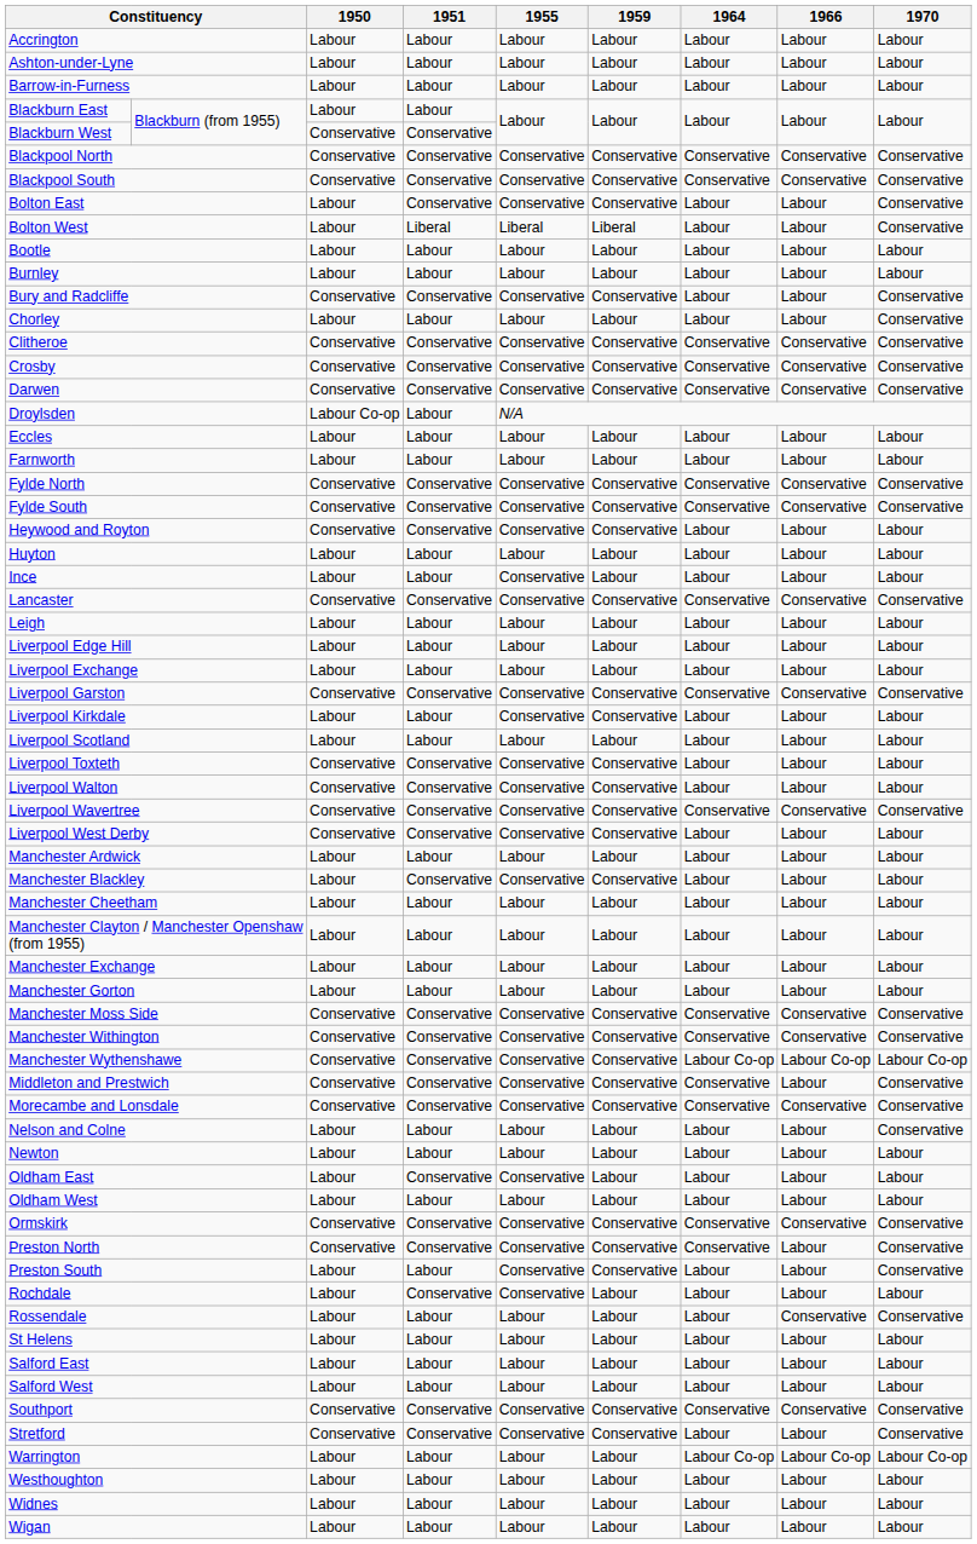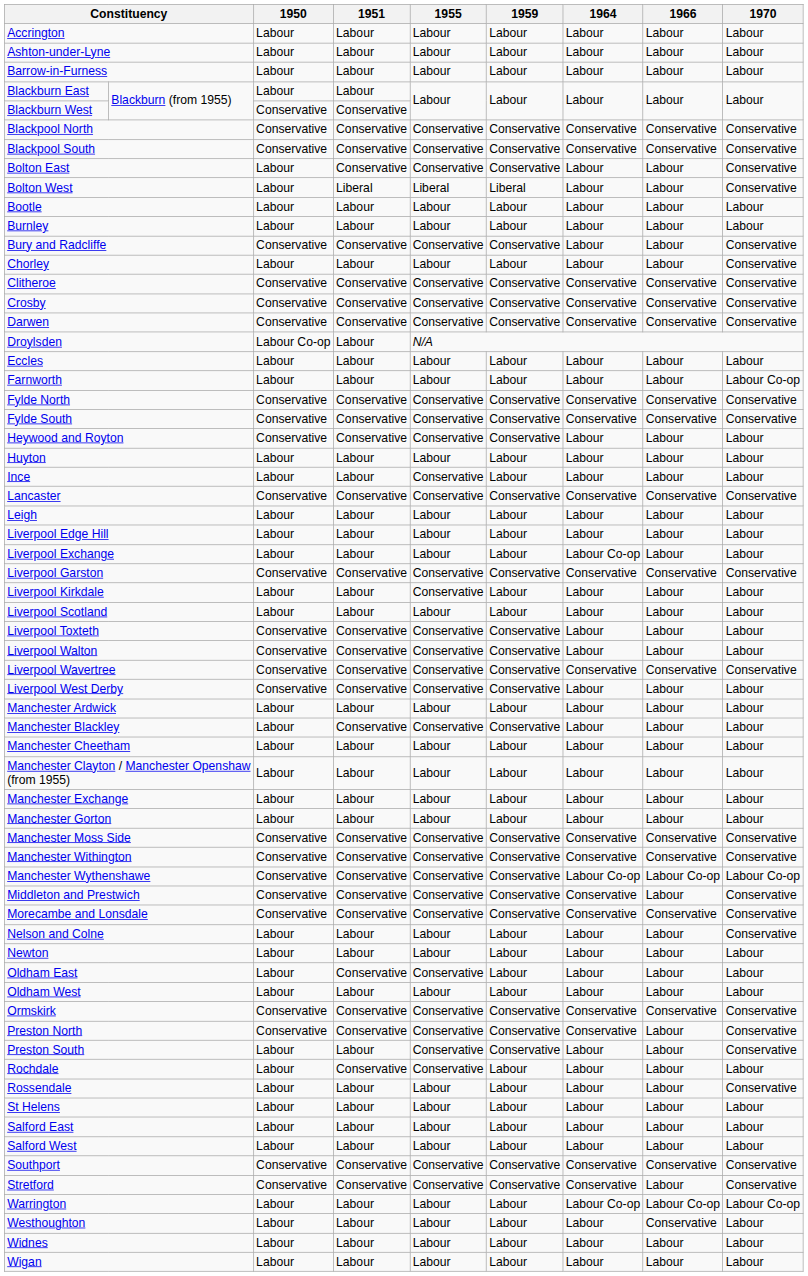 <table class="wikitable sortable">
 <tr>
 <th colspan="2">Constituency</th>
 <th>1950</th>
 <th>1951</th>
 <th>1955</th>
 <th>1959</th>
 <th>1964</th>
 <th>1966</th>
 <th>1970</th>
 </tr>
 <tr>
 <td colspan="2"><a href='#'>Accrington</a></td>
 <td bgcolor=>Labour</td>
 <td bgcolor=>Labour</td>
 <td bgcolor=>Labour</td>
 <td bgcolor=>Labour</td>
 <td bgcolor=>Labour</td>
 <td bgcolor=>Labour</td>
 <td bgcolor=>Labour</td>
 </tr>
 <tr>
 <td colspan="2"><a href='#'>Ashton-under-Lyne</a></td>
 <td bgcolor=>Labour</td>
 <td bgcolor=>Labour</td>
 <td bgcolor=>Labour</td>
 <td bgcolor=>Labour</td>
 <td bgcolor=>Labour</td>
 <td bgcolor=>Labour</td>
 <td bgcolor=>Labour</td>
 </tr>
 <tr>
 <td colspan="2"><a href='#'>Barrow-in-Furness</a></td>
 <td bgcolor=>Labour</td>
 <td bgcolor=>Labour</td>
 <td bgcolor=>Labour</td>
 <td bgcolor=>Labour</td>
 <td bgcolor=>Labour</td>
 <td bgcolor=>Labour</td>
 <td bgcolor=>Labour</td>
 </tr>
 <tr>
 <td><a href='#'>Blackburn East</a></td>
 <td rowspan="2"><a href='#'>Blackburn</a> (from 1955)</td>
 <td bgcolor=>Labour</td>
 <td bgcolor=>Labour</td>
 <td rowspan="2" bgcolor=>Labour</td>
 <td rowspan="2">Labour</td>
 <td rowspan="2">Labour</td>
 <td rowspan="2">Labour</td>
 <td rowspan="2">Labour</td>
 </tr>
 <tr>
 <td><a href='#'>Blackburn West</a></td>
 <td bgcolor=>Conservative</td>
 <td bgcolor=>Conservative</td>
 </tr>
 <tr>
 <td colspan="2"><a href='#'>Blackpool North</a></td>
 <td bgcolor=>Conservative</td>
 <td bgcolor=>Conservative</td>
 <td bgcolor=>Conservative</td>
 <td bgcolor=>Conservative</td>
 <td bgcolor=>Conservative</td>
 <td bgcolor=>Conservative</td>
 <td bgcolor=>Conservative</td>
 </tr>
 <tr>
 <td colspan="2"><a href='#'>Blackpool South</a></td>
 <td bgcolor=>Conservative</td>
 <td bgcolor=>Conservative</td>
 <td bgcolor=>Conservative</td>
 <td bgcolor=>Conservative</td>
 <td bgcolor=>Conservative</td>
 <td bgcolor=>Conservative</td>
 <td bgcolor=>Conservative</td>
 </tr>
 <tr>
 <td colspan="2"><a href='#'>Bolton East</a></td>
 <td bgcolor=>Labour</td>
 <td bgcolor=>Conservative</td>
 <td bgcolor=>Conservative</td>
 <td bgcolor=>Conservative</td>
 <td bgcolor=>Labour</td>
 <td bgcolor=>Labour</td>
 <td bgcolor=>Conservative</td>
 </tr>
 <tr>
 <td colspan="2"><a href='#'>Bolton West</a></td>
 <td bgcolor=>Labour</td>
 <td bgcolor=>Liberal</td>
 <td bgcolor=>Liberal</td>
 <td bgcolor=>Liberal</td>
 <td bgcolor=>Labour</td>
 <td bgcolor=>Labour</td>
 <td bgcolor=>Conservative</td>
 </tr>
 <tr>
 <td colspan="2"><a href='#'>Bootle</a></td>
 <td bgcolor=>Labour</td>
 <td bgcolor=>Labour</td>
 <td bgcolor=>Labour</td>
 <td bgcolor=>Labour</td>
 <td bgcolor=>Labour</td>
 <td bgcolor=>Labour</td>
 <td bgcolor=>Labour</td>
 </tr>
 <tr>
 <td colspan="2"><a href='#'>Burnley</a></td>
 <td bgcolor=>Labour</td>
 <td bgcolor=>Labour</td>
 <td bgcolor=>Labour</td>
 <td bgcolor=>Labour</td>
 <td bgcolor=>Labour</td>
 <td bgcolor=>Labour</td>
 <td bgcolor=>Labour</td>
 </tr>
 <tr>
 <td colspan="2"><a href='#'>Bury and Radcliffe</a></td>
 <td bgcolor=>Conservative</td>
 <td bgcolor=>Conservative</td>
 <td bgcolor=>Conservative</td>
 <td bgcolor=>Conservative</td>
 <td bgcolor=>Labour</td>
 <td bgcolor=>Labour</td>
 <td bgcolor=>Conservative</td>
 </tr>
 <tr>
 <td colspan="2"><a href='#'>Chorley</a></td>
 <td bgcolor=>Labour</td>
 <td bgcolor=>Labour</td>
 <td bgcolor=>Labour</td>
 <td bgcolor=>Labour</td>
 <td bgcolor=>Labour</td>
 <td bgcolor=>Labour</td>
 <td bgcolor=>Conservative</td>
 </tr>
 <tr>
 <td colspan="2"><a href='#'>Clitheroe</a></td>
 <td bgcolor=>Conservative</td>
 <td bgcolor=>Conservative</td>
 <td bgcolor=>Conservative</td>
 <td bgcolor=>Conservative</td>
 <td bgcolor=>Conservative</td>
 <td bgcolor=>Conservative</td>
 <td bgcolor=>Conservative</td>
 </tr>
 <tr>
 <td colspan="2"><a href='#'>Crosby</a></td>
 <td bgcolor=>Conservative</td>
 <td bgcolor=>Conservative</td>
 <td bgcolor=>Conservative</td>
 <td bgcolor=>Conservative</td>
 <td bgcolor=>Conservative</td>
 <td bgcolor=>Conservative</td>
 <td bgcolor=>Conservative</td>
 </tr>
 <tr>
 <td colspan="2"><a href='#'>Darwen</a></td>
 <td bgcolor=>Conservative</td>
 <td bgcolor=>Conservative</td>
 <td bgcolor=>Conservative</td>
 <td bgcolor=>Conservative</td>
 <td bgcolor=>Conservative</td>
 <td bgcolor=>Conservative</td>
 <td bgcolor=>Conservative</td>
 </tr>
 <tr>
 <td colspan="2"><a href='#'>Droylsden</a></td>
 <td bgcolor=>Labour Co-op</td>
 <td bgcolor=>Labour</td>
 <td colspan="5"><em>N/A</em></td>
 </tr>
 <tr>
 <td colspan="2"><a href='#'>Eccles</a></td>
 <td bgcolor=>Labour</td>
 <td bgcolor=>Labour</td>
 <td bgcolor=>Labour</td>
 <td bgcolor=>Labour</td>
 <td bgcolor=>Labour</td>
 <td bgcolor=>Labour</td>
 <td bgcolor=>Labour</td>
 </tr>
 <tr>
 <td colspan="2"><a href='#'>Farnworth</a></td>
 <td bgcolor=>Labour</td>
 <td bgcolor=>Labour</td>
 <td bgcolor=>Labour</td>
 <td bgcolor=>Labour</td>
 <td bgcolor=>Labour</td>
 <td bgcolor=>Labour</td>
-<td bgcolor=>Labour</td>
+<td bgcolor=>Labour Co-op</td>
 </tr>
 <tr>
 <td colspan="2"><a href='#'>Fylde North</a></td>
 <td bgcolor=>Conservative</td>
 <td bgcolor=>Conservative</td>
 <td bgcolor=>Conservative</td>
 <td bgcolor=>Conservative</td>
 <td bgcolor=>Conservative</td>
 <td bgcolor=>Conservative</td>
 <td bgcolor=>Conservative</td>
 </tr>
 <tr>
 <td colspan="2"><a href='#'>Fylde South</a></td>
 <td bgcolor=>Conservative</td>
 <td bgcolor=>Conservative</td>
 <td bgcolor=>Conservative</td>
 <td bgcolor=>Conservative</td>
 <td bgcolor=>Conservative</td>
 <td bgcolor=>Conservative</td>
 <td bgcolor=>Conservative</td>
 </tr>
 <tr>
 <td colspan="2"><a href='#'>Heywood and Royton</a></td>
 <td bgcolor=>Conservative</td>
 <td bgcolor=>Conservative</td>
 <td bgcolor=>Conservative</td>
 <td bgcolor=>Conservative</td>
 <td bgcolor=>Labour</td>
 <td bgcolor=>Labour</td>
 <td bgcolor=>Labour</td>
 </tr>
 <tr>
 <td colspan="2"><a href='#'>Huyton</a></td>
 <td bgcolor=>Labour</td>
 <td bgcolor=>Labour</td>
 <td bgcolor=>Labour</td>
 <td bgcolor=>Labour</td>
 <td bgcolor=>Labour</td>
 <td bgcolor=>Labour</td>
 <td bgcolor=>Labour</td>
 </tr>
 <tr>
 <td colspan="2"><a href='#'>Ince</a></td>
 <td bgcolor=>Labour</td>
 <td bgcolor=>Labour</td>
 <td bgcolor=>Conservative</td>
 <td bgcolor=>Labour</td>
 <td bgcolor=>Labour</td>
 <td bgcolor=>Labour</td>
 <td bgcolor=>Labour</td>
 </tr>
 <tr>
 <td colspan="2"><a href='#'>Lancaster</a></td>
 <td bgcolor=>Conservative</td>
 <td bgcolor=>Conservative</td>
 <td bgcolor=>Conservative</td>
 <td bgcolor=>Conservative</td>
 <td bgcolor=>Conservative</td>
 <td bgcolor=>Conservative</td>
 <td bgcolor=>Conservative</td>
 </tr>
 <tr>
 <td colspan="2"><a href='#'>Leigh</a></td>
 <td bgcolor=>Labour</td>
 <td bgcolor=>Labour</td>
 <td bgcolor=>Labour</td>
 <td bgcolor=>Labour</td>
 <td bgcolor=>Labour</td>
 <td bgcolor=>Labour</td>
 <td bgcolor=>Labour</td>
 </tr>
 <tr>
 <td colspan="2"><a href='#'>Liverpool Edge Hill</a></td>
 <td bgcolor=>Labour</td>
 <td bgcolor=>Labour</td>
 <td bgcolor=>Labour</td>
 <td bgcolor=>Labour</td>
 <td bgcolor=>Labour</td>
 <td bgcolor=>Labour</td>
 <td bgcolor=>Labour</td>
 </tr>
 <tr>
 <td colspan="2"><a href='#'>Liverpool Exchange</a></td>
 <td bgcolor=>Labour</td>
 <td bgcolor=>Labour</td>
 <td bgcolor=>Labour</td>
 <td bgcolor=>Labour</td>
-<td bgcolor=>Labour</td>
+<td>Labour Co-op</td>
 <td bgcolor=>Labour</td>
 <td bgcolor=>Labour</td>
 </tr>
 <tr>
 <td colspan="2"><a href='#'>Liverpool Garston</a></td>
 <td bgcolor=>Conservative</td>
 <td bgcolor=>Conservative</td>
 <td bgcolor=>Conservative</td>
 <td bgcolor=>Conservative</td>
 <td bgcolor=>Conservative</td>
 <td bgcolor=>Conservative</td>
 <td bgcolor=>Conservative</td>
 </tr>
 <tr>
 <td colspan="2"><a href='#'>Liverpool Kirkdale</a></td>
 <td bgcolor=>Labour</td>
 <td bgcolor=>Labour</td>
 <td bgcolor=>Conservative</td>
-<td bgcolor=>Conservative</td>
+<td>Labour</td>
 <td bgcolor=>Labour</td>
 <td bgcolor=>Labour</td>
 <td bgcolor=>Labour</td>
 </tr>
 <tr>
 <td colspan="2"><a href='#'>Liverpool Scotland</a></td>
 <td bgcolor=>Labour</td>
 <td bgcolor=>Labour</td>
 <td bgcolor=>Labour</td>
 <td bgcolor=>Labour</td>
 <td bgcolor=>Labour</td>
 <td bgcolor=>Labour</td>
 <td bgcolor=>Labour</td>
 </tr>
 <tr>
 <td colspan="2"><a href='#'>Liverpool Toxteth</a></td>
 <td bgcolor=>Conservative</td>
 <td bgcolor=>Conservative</td>
 <td bgcolor=>Conservative</td>
 <td bgcolor=>Conservative</td>
 <td bgcolor=>Labour</td>
 <td bgcolor=>Labour</td>
 <td bgcolor=>Labour</td>
 </tr>
 <tr>
 <td colspan="2"><a href='#'>Liverpool Walton</a></td>
 <td bgcolor=>Conservative</td>
 <td bgcolor=>Conservative</td>
 <td bgcolor=>Conservative</td>
 <td bgcolor=>Conservative</td>
 <td bgcolor=>Labour</td>
 <td bgcolor=>Labour</td>
 <td bgcolor=>Labour</td>
 </tr>
 <tr>
 <td colspan="2"><a href='#'>Liverpool Wavertree</a></td>
 <td bgcolor=>Conservative</td>
 <td bgcolor=>Conservative</td>
 <td bgcolor=>Conservative</td>
 <td bgcolor=>Conservative</td>
 <td bgcolor=>Conservative</td>
 <td bgcolor=>Conservative</td>
 <td bgcolor=>Conservative</td>
 </tr>
 <tr>
 <td colspan="2"><a href='#'>Liverpool West Derby</a></td>
 <td bgcolor=>Conservative</td>
 <td bgcolor=>Conservative</td>
 <td bgcolor=>Conservative</td>
 <td bgcolor=>Conservative</td>
 <td bgcolor=>Labour</td>
 <td bgcolor=>Labour</td>
 <td bgcolor=>Labour</td>
 </tr>
 <tr>
 <td colspan="2"><a href='#'>Manchester Ardwick</a></td>
 <td bgcolor=>Labour</td>
 <td bgcolor=>Labour</td>
 <td bgcolor=>Labour</td>
 <td bgcolor=>Labour</td>
 <td bgcolor=>Labour</td>
 <td bgcolor=>Labour</td>
 <td bgcolor=>Labour</td>
 </tr>
 <tr>
 <td colspan="2"><a href='#'>Manchester Blackley</a></td>
 <td bgcolor=>Labour</td>
 <td bgcolor=>Conservative</td>
 <td bgcolor=>Conservative</td>
 <td bgcolor=>Conservative</td>
 <td bgcolor=>Labour</td>
 <td bgcolor=>Labour</td>
 <td bgcolor=>Labour</td>
 </tr>
 <tr>
 <td colspan="2"><a href='#'>Manchester Cheetham</a></td>
 <td bgcolor=>Labour</td>
 <td bgcolor=>Labour</td>
 <td bgcolor=>Labour</td>
 <td bgcolor=>Labour</td>
 <td bgcolor=>Labour</td>
 <td bgcolor=>Labour</td>
 <td bgcolor=>Labour</td>
 </tr>
 <tr>
 <td colspan="2"><a href='#'>Manchester Clayton</a> / <a href='#'>Manchester Openshaw</a><br>(from 1955)</td>
 <td bgcolor=>Labour</td>
 <td bgcolor=>Labour</td>
 <td bgcolor=>Labour</td>
 <td bgcolor=>Labour</td>
 <td bgcolor=>Labour</td>
 <td bgcolor=>Labour</td>
 <td bgcolor=>Labour</td>
 </tr>
 <tr>
 <td colspan="2"><a href='#'>Manchester Exchange</a></td>
 <td bgcolor=>Labour</td>
 <td bgcolor=>Labour</td>
 <td bgcolor=>Labour</td>
 <td bgcolor=>Labour</td>
 <td bgcolor=>Labour</td>
 <td bgcolor=>Labour</td>
 <td bgcolor=>Labour</td>
 </tr>
 <tr>
 <td colspan="2"><a href='#'>Manchester Gorton</a></td>
 <td bgcolor=>Labour</td>
 <td bgcolor=>Labour</td>
 <td bgcolor=>Labour</td>
 <td bgcolor=>Labour</td>
 <td bgcolor=>Labour</td>
 <td bgcolor=>Labour</td>
 <td bgcolor=>Labour</td>
 </tr>
 <tr>
 <td colspan="2"><a href='#'>Manchester Moss Side</a></td>
 <td bgcolor=>Conservative</td>
 <td bgcolor=>Conservative</td>
 <td bgcolor=>Conservative</td>
 <td bgcolor=>Conservative</td>
 <td bgcolor=>Conservative</td>
 <td bgcolor=>Conservative</td>
 <td bgcolor=>Conservative</td>
 </tr>
 <tr>
 <td colspan="2"><a href='#'>Manchester Withington</a></td>
 <td>Conservative</td>
 <td>Conservative</td>
 <td>Conservative</td>
 <td>Conservative</td>
 <td>Conservative</td>
 <td>Conservative</td>
 <td>Conservative</td>
 </tr>
 <tr>
 <td colspan="2"><a href='#'>Manchester Wythenshawe</a></td>
 <td>Conservative</td>
 <td>Conservative</td>
 <td>Conservative</td>
 <td>Conservative</td>
 <td>Labour Co-op</td>
 <td>Labour Co-op</td>
 <td>Labour Co-op</td>
 </tr>
 <tr>
 <td colspan="2"><a href='#'>Middleton and Prestwich</a></td>
 <td>Conservative</td>
 <td>Conservative</td>
 <td>Conservative</td>
 <td>Conservative</td>
 <td>Conservative</td>
 <td>Labour</td>
 <td>Conservative</td>
 </tr>
 <tr>
 <td colspan="2"><a href='#'>Morecambe and Lonsdale</a></td>
 <td>Conservative</td>
 <td>Conservative</td>
 <td>Conservative</td>
 <td>Conservative</td>
 <td>Conservative</td>
 <td>Conservative</td>
 <td>Conservative</td>
 </tr>
 <tr>
 <td colspan="2"><a href='#'>Nelson and Colne</a></td>
 <td>Labour</td>
 <td>Labour</td>
 <td>Labour</td>
 <td>Labour</td>
 <td>Labour</td>
 <td>Labour</td>
 <td>Conservative</td>
 </tr>
 <tr>
 <td colspan="2"><a href='#'>Newton</a></td>
 <td>Labour</td>
 <td>Labour</td>
 <td>Labour</td>
 <td>Labour</td>
 <td>Labour</td>
 <td>Labour</td>
 <td>Labour</td>
 </tr>
 <tr>
 <td colspan="2"><a href='#'>Oldham East</a></td>
 <td>Labour</td>
 <td>Conservative</td>
 <td>Conservative</td>
 <td>Labour</td>
 <td>Labour</td>
 <td>Labour</td>
 <td>Labour</td>
 </tr>
 <tr>
 <td colspan="2"><a href='#'>Oldham West</a></td>
 <td>Labour</td>
 <td>Labour</td>
 <td>Labour</td>
 <td>Labour</td>
 <td>Labour</td>
 <td>Labour</td>
 <td>Labour</td>
 </tr>
 <tr>
 <td colspan="2"><a href='#'>Ormskirk</a></td>
 <td>Conservative</td>
 <td>Conservative</td>
 <td>Conservative</td>
 <td>Conservative</td>
 <td>Conservative</td>
 <td>Conservative</td>
 <td>Conservative</td>
 </tr>
 <tr>
 <td colspan="2"><a href='#'>Preston North</a></td>
 <td>Conservative</td>
 <td>Conservative</td>
 <td>Conservative</td>
 <td>Conservative</td>
 <td>Conservative</td>
 <td>Labour</td>
 <td>Conservative</td>
 </tr>
 <tr>
 <td colspan="2"><a href='#'>Preston South</a></td>
 <td>Labour</td>
 <td>Labour</td>
 <td>Conservative</td>
 <td>Conservative</td>
 <td>Labour</td>
 <td>Labour</td>
 <td>Conservative</td>
 </tr>
 <tr>
 <td colspan="2"><a href='#'>Rochdale</a></td>
 <td>Labour</td>
 <td>Conservative</td>
 <td>Conservative</td>
 <td>Labour</td>
 <td>Labour</td>
 <td>Labour</td>
 <td>Labour</td>
 </tr>
 <tr>
 <td colspan="2"><a href='#'>Rossendale</a></td>
 <td>Labour</td>
 <td>Labour</td>
 <td>Labour</td>
 <td>Labour</td>
 <td>Labour</td>
-<td>Conservative</td>
+<td>Labour</td>
 <td>Conservative</td>
 </tr>
 <tr>
 <td colspan="2"><a href='#'>St Helens</a></td>
 <td>Labour</td>
 <td>Labour</td>
 <td>Labour</td>
 <td>Labour</td>
 <td>Labour</td>
 <td>Labour</td>
 <td>Labour</td>
 </tr>
 <tr>
 <td colspan="2"><a href='#'>Salford East</a></td>
 <td>Labour</td>
 <td>Labour</td>
 <td>Labour</td>
 <td>Labour</td>
 <td>Labour</td>
 <td>Labour</td>
 <td>Labour</td>
 </tr>
 <tr>
 <td colspan="2"><a href='#'>Salford West</a></td>
 <td>Labour</td>
 <td>Labour</td>
 <td>Labour</td>
 <td>Labour</td>
 <td>Labour</td>
 <td>Labour</td>
 <td>Labour</td>
 </tr>
 <tr>
 <td colspan="2"><a href='#'>Southport</a></td>
 <td>Conservative</td>
 <td>Conservative</td>
 <td>Conservative</td>
 <td>Conservative</td>
 <td>Conservative</td>
 <td>Conservative</td>
 <td>Conservative</td>
 </tr>
 <tr>
 <td colspan="2"><a href='#'>Stretford</a></td>
 <td>Conservative</td>
 <td>Conservative</td>
 <td>Conservative</td>
 <td>Conservative</td>
-<td bgcolor=>Labour</td>
+<td>Conservative</td>
 <td>Labour</td>
 <td>Conservative</td>
 </tr>
 <tr>
 <td colspan="2"><a href='#'>Warrington</a></td>
 <td>Labour</td>
 <td>Labour</td>
 <td>Labour</td>
 <td>Labour</td>
 <td>Labour Co-op</td>
 <td>Labour Co-op</td>
 <td>Labour Co-op</td>
 </tr>
 <tr>
 <td colspan="2"><a href='#'>Westhoughton</a></td>
 <td>Labour</td>
 <td>Labour</td>
 <td>Labour</td>
 <td>Labour</td>
 <td>Labour</td>
-<td>Labour</td>
+<td>Conservative</td>
 <td>Labour</td>
 </tr>
 <tr>
 <td colspan="2"><a href='#'>Widnes</a></td>
 <td>Labour</td>
 <td>Labour</td>
 <td>Labour</td>
 <td>Labour</td>
 <td>Labour</td>
 <td>Labour</td>
 <td>Labour</td>
 </tr>
 <tr>
 <td colspan="2"><a href='#'>Wigan</a></td>
 <td>Labour</td>
 <td>Labour</td>
 <td>Labour</td>
 <td>Labour</td>
 <td>Labour</td>
 <td>Labour</td>
 <td>Labour</td>
 </tr>
 </table>
